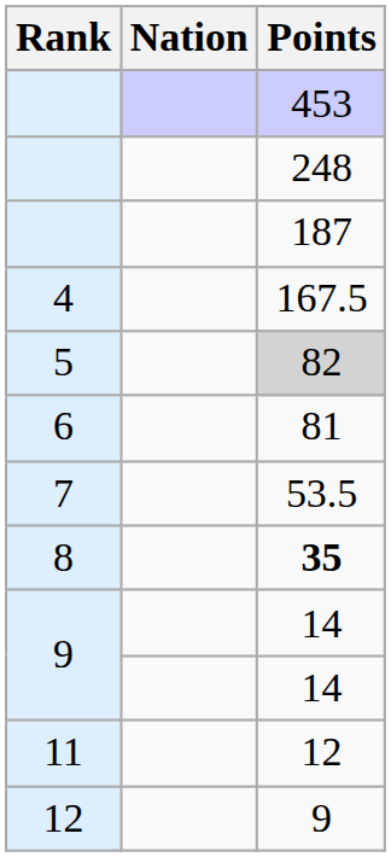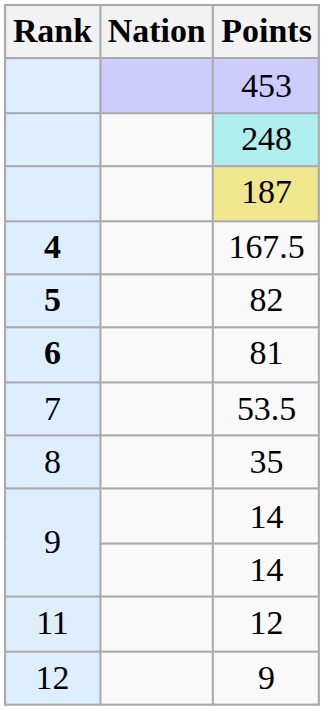 <table class="wikitable sortable" style="text-align:center">
 <tr>
 <th>Rank</th>
 <th>Nation</th>
 <th>Points</th>
 </tr>
 <tr style="background-color:#ccccff">
 <td bgcolor = DDEEFF></td>
 <td align=left></td>
 <td>453</td>
 </tr>
 <tr>
 <td bgcolor = DDEEFF></td>
 <td align=left></td>
-<td>248</td>
+<td style="background: paleturquoise;">248</td>
 </tr>
 <tr>
 <td bgcolor = DDEEFF></td>
 <td align=left></td>
-<td>187</td>
+<td style="background: khaki;">187</td>
 </tr>
 <tr>
-<td bgcolor = DDEEFF>4</td>
+<td bgcolor = DDEEFF><strong>4</strong></td>
 <td align=left></td>
 <td>167.5</td>
 </tr>
 <tr>
-<td bgcolor = DDEEFF>5</td>
+<td bgcolor = DDEEFF><strong>5</strong></td>
 <td align=left></td>
-<td style="background: lightgrey;">82</td>
+<td>82</td>
 </tr>
 <tr>
-<td bgcolor = DDEEFF>6</td>
+<td bgcolor = DDEEFF><strong>6</strong></td>
 <td align=left></td>
 <td>81</td>
 </tr>
 <tr>
 <td bgcolor = DDEEFF>7</td>
 <td align=left></td>
 <td>53.5</td>
 </tr>
 <tr>
 <td bgcolor = DDEEFF>8</td>
 <td align=left></td>
-<td><strong>35</strong></td>
+<td>35</td>
 </tr>
 <tr>
 <td rowspan = "2" bgcolor = DDEEFF>9</td>
 <td align=left></td>
 <td>14</td>
 </tr>
 <tr>
 <td align=left></td>
 <td>14</td>
 </tr>
 <tr>
 <td bgcolor = DDEEFF>11</td>
 <td align=left></td>
 <td>12</td>
 </tr>
 <tr>
 <td bgcolor = DDEEFF>12</td>
 <td align=left></td>
 <td>9</td>
 </tr>
 </table>
